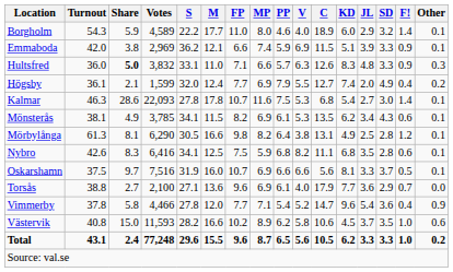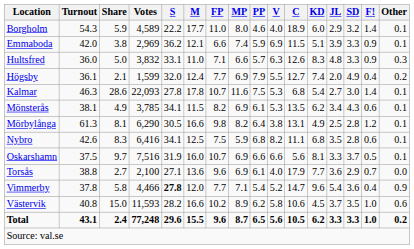 <table class="wikitable sortable" style=text-align:right>
 <tr>
 <th>Location</th>
 <th>Turnout</th>
 <th>Share</th>
 <th>Votes</th>
 <th><a href='#'>S</a></th>
 <th><a href='#'>M</a></th>
 <th><a href='#'>FP</a></th>
 <th><a href='#'>MP</a></th>
 <th><a href='#'>PP</a></th>
 <th><a href='#'>V</a></th>
 <th><a href='#'>C</a></th>
 <th><a href='#'>KD</a></th>
 <th><a href='#'>JL</a></th>
 <th><a href='#'>SD</a></th>
 <th><a href='#'>F!</a></th>
 <th>Other</th>
 </tr>
 <tr>
 <td align=left><a href='#'>Borgholm</a></td>
 <td>54.3</td>
 <td>5.9</td>
 <td>4,589</td>
 <td>22.2</td>
 <td>17.7</td>
 <td>11.0</td>
 <td>8.0</td>
 <td>4.6</td>
 <td>4.0</td>
 <td>18.9</td>
 <td>6.0</td>
 <td>2.9</td>
 <td>3.2</td>
 <td>1.4</td>
 <td>0.1</td>
 </tr>
 <tr>
 <td align=left><a href='#'>Emmaboda</a></td>
 <td>42.0</td>
 <td>3.8</td>
 <td>2,969</td>
 <td>36.2</td>
 <td>12.1</td>
 <td>6.6</td>
 <td>7.4</td>
 <td>5.9</td>
 <td>6.9</td>
 <td>11.5</td>
 <td>5.1</td>
 <td>3.9</td>
 <td>3.3</td>
 <td>0.9</td>
 <td>0.1</td>
 </tr>
 <tr>
 <td align=left><a href='#'>Hultsfred</a></td>
 <td>36.0</td>
-<td><strong>5.0</strong></td>
+<td>5.0</td>
 <td>3,832</td>
 <td>33.1</td>
 <td>11.0</td>
 <td>7.1</td>
 <td>6.6</td>
 <td>5.7</td>
 <td>6.3</td>
 <td>12.6</td>
 <td>8.3</td>
 <td>4.8</td>
 <td>3.3</td>
 <td>0.9</td>
 <td>0.3</td>
 </tr>
 <tr>
 <td align=left><a href='#'>Högsby</a></td>
 <td>36.1</td>
 <td>2.1</td>
 <td>1,599</td>
 <td>32.0</td>
 <td>12.4</td>
 <td>7.7</td>
 <td>6.9</td>
 <td>7.9</td>
 <td>5.5</td>
 <td>12.7</td>
 <td>7.4</td>
 <td>2.0</td>
 <td>4.9</td>
 <td>0.4</td>
 <td>0.2</td>
 </tr>
 <tr>
 <td align=left><a href='#'>Kalmar</a></td>
 <td>46.3</td>
 <td>28.6</td>
 <td>22,093</td>
 <td>27.8</td>
 <td>17.8</td>
 <td>10.7</td>
 <td>11.6</td>
 <td>7.5</td>
 <td>5.3</td>
 <td>6.8</td>
 <td>5.4</td>
 <td>2.7</td>
 <td>3.0</td>
 <td>1.4</td>
 <td>0.1</td>
 </tr>
 <tr>
 <td align=left><a href='#'>Mönsterås</a></td>
 <td>38.1</td>
 <td>4.9</td>
 <td>3,785</td>
 <td>34.1</td>
 <td>11.5</td>
 <td>8.2</td>
 <td>6.9</td>
 <td>6.1</td>
 <td>5.3</td>
 <td>13.5</td>
 <td>6.2</td>
 <td>3.4</td>
 <td>4.3</td>
 <td>0.6</td>
 <td>0.1</td>
 </tr>
 <tr>
 <td align=left><a href='#'>Mörbylånga</a></td>
 <td>61.3</td>
 <td>8.1</td>
 <td>6,290</td>
 <td>30.5</td>
 <td>16.6</td>
 <td>9.8</td>
 <td>8.2</td>
 <td>6.4</td>
 <td>3.8</td>
 <td>13.1</td>
 <td>4.9</td>
 <td>2.5</td>
 <td>2.8</td>
 <td>1.2</td>
 <td>0.1</td>
 </tr>
 <tr>
 <td align=left><a href='#'>Nybro</a></td>
 <td>42.6</td>
 <td>8.3</td>
 <td>6,416</td>
 <td>34.1</td>
 <td>12.5</td>
 <td>7.5</td>
 <td>5.9</td>
 <td>6.8</td>
 <td>8.2</td>
 <td>11.1</td>
 <td>6.8</td>
 <td>3.5</td>
 <td>2.8</td>
 <td>0.6</td>
 <td>0.1</td>
 </tr>
 <tr>
 <td align=left><a href='#'>Oskarshamn</a></td>
 <td>37.5</td>
 <td>9.7</td>
 <td>7,516</td>
 <td>31.9</td>
 <td>16.0</td>
 <td>10.7</td>
 <td>6.9</td>
 <td>6.6</td>
 <td>6.6</td>
 <td>5.6</td>
 <td>8.1</td>
 <td>3.3</td>
 <td>3.7</td>
 <td>0.5</td>
 <td>0.1</td>
 </tr>
 <tr>
 <td align=left><a href='#'>Torsås</a></td>
 <td>38.8</td>
 <td>2.7</td>
 <td>2,100</td>
 <td>27.1</td>
 <td>13.6</td>
 <td>9.6</td>
 <td>6.9</td>
 <td>6.1</td>
 <td>4.0</td>
 <td>17.9</td>
 <td>7.7</td>
 <td>3.6</td>
 <td>2.9</td>
 <td>0.7</td>
 <td>0.0</td>
 </tr>
 <tr>
 <td align=left><a href='#'>Vimmerby</a></td>
 <td>37.8</td>
 <td>5.8</td>
 <td>4,466</td>
-<td>27.8</td>
+<td><strong>27.8</strong></td>
 <td>12.0</td>
 <td>7.7</td>
 <td>7.1</td>
 <td>5.4</td>
 <td>5.2</td>
 <td>14.7</td>
 <td>9.6</td>
 <td>5.4</td>
 <td>3.6</td>
 <td>0.4</td>
 <td>0.9</td>
 </tr>
 <tr>
 <td align=left><a href='#'>Västervik</a></td>
 <td>40.8</td>
 <td>15.0</td>
 <td>11,593</td>
 <td>28.2</td>
 <td>16.6</td>
 <td>10.2</td>
 <td>8.9</td>
 <td>6.2</td>
 <td>5.8</td>
 <td>10.6</td>
 <td>4.5</td>
 <td>3.7</td>
 <td>3.5</td>
 <td>1.0</td>
 <td>0.6</td>
 </tr>
 <tr>
 <td align=left><strong>Total</strong></td>
 <td><strong>43.1</strong></td>
 <td><strong>2.4</strong></td>
 <td><strong>77,248</strong></td>
 <td><strong>29.6</strong></td>
 <td><strong>15.5</strong></td>
 <td><strong>9.6</strong></td>
 <td><strong>8.7</strong></td>
 <td><strong>6.5</strong></td>
 <td><strong>5.6</strong></td>
 <td><strong>10.5</strong></td>
 <td><strong>6.2</strong></td>
 <td><strong>3.3</strong></td>
 <td><strong>3.3</strong></td>
 <td><strong>1.0</strong></td>
 <td><strong>0.2</strong></td>
 </tr>
 <tr>
 <td align=left colspan=16>Source: val.se </td>
 </tr>
 </table>
